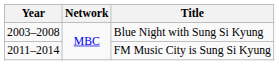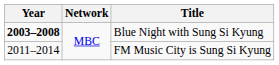 <table class="wikitable">
 <tr>
 <th>Year</th>
 <th>Network</th>
 <th>Title</th>
 </tr>
 <tr>
-<td style="text-align:center;">2003–2008</td>
+<td style="text-align:center;"><strong>2003–2008</strong></td>
 <td rowspan="2" style="text-align:center;"><a href='#'>MBC</a></td>
 <td>Blue Night with Sung Si Kyung</td>
 </tr>
 <tr>
 <td style="text-align:center;">2011–2014</td>
 <td>FM Music City is Sung Si Kyung</td>
 </tr>
 </table>
